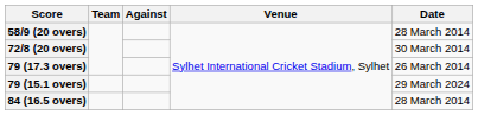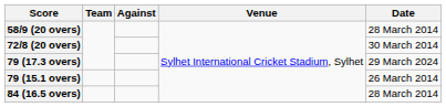 <table class="wikitable sortable" style="text-align:left;font-size:93%;">
 <tr>
 <th scope=col>Score</th>
 <th scope=col>Team</th>
 <th scope=col>Against</th>
 <th scope=col>Venue</th>
 <th scope=col data-sort-type=date>Date</th>
 </tr>
 <tr>
 <th scope=row>58/9 (20 overs)</th>
 <td rowspan=3></td>
 <td></td>
 <td rowspan=5><a href='#'>Sylhet International Cricket Stadium</a>, Sylhet</td>
 <td>28 March 2014</td>
 </tr>
 <tr>
 <th scope=row>72/8 (20 overs)</th>
 <td></td>
 <td>30 March 2014</td>
 </tr>
 <tr>
 <th scope=row>79 (17.3 overs)</th>
 <td></td>
-<td>26 March 2014</td>
+<td>29 March 2024</td>
 </tr>
 <tr>
 <th scope=row>79 (15.1 overs)</th>
 <td></td>
 <td></td>
-<td>29 March 2024</td>
+<td>26 March 2014</td>
 </tr>
 <tr>
 <th scope=row>84 (16.5 overs)</th>
 <td></td>
 <td></td>
 <td>28 March 2014</td>
 </tr>
 </table>
